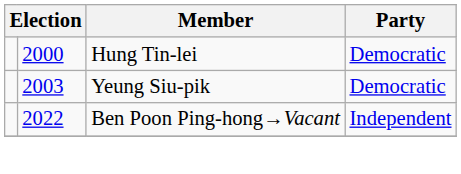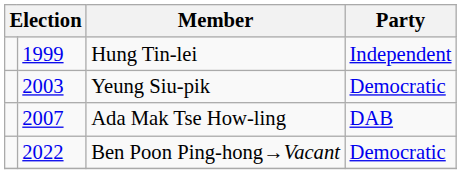 <table class="wikitable">
 <tr>
 <th colspan="2">Election</th>
 <th>Member</th>
 <th>Party</th>
 </tr>
 <tr>
 <td style="background-color: "></td>
-<td><a href='#'>2000</a></td>
+<td><a href='#'>1999</a></td>
 <td>Hung Tin-lei</td>
-<td><a href='#'>Democratic</a></td>
+<td><a href='#'>Independent</a></td>
 </tr>
 <tr>
 <td style="background-color: "></td>
 <td><a href='#'>2003</a></td>
 <td>Yeung Siu-pik</td>
 <td><a href='#'>Democratic</a></td>
 </tr>
 <tr>
 <td style="background-color: "></td>
+<td><a href='#'>2007</a></td>
+<td>Ada Mak Tse How-ling</td>
+<td><a href='#'>DAB</a></td>
+</tr>
+<tr>
+<td style="background-color: "></td>
 <td><a href='#'>2022</a></td>
 <td>Ben Poon Ping-hong→<em>Vacant</em></td>
-<td><a href='#'>Independent</a></td>
+<td><a href='#'>Democratic</a></td>
 </tr>
 <tr>
 </tr>
 </table>
